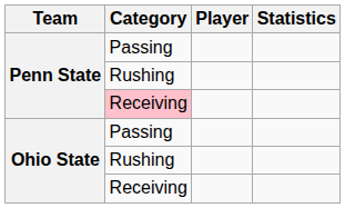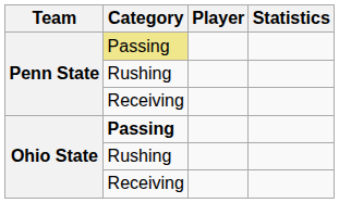 <table class="wikitable" style="float:right">
 <tr>
 <th>Team</th>
 <th>Category</th>
 <th>Player</th>
 <th>Statistics</th>
 </tr>
 <tr>
 <th rowspan=3>Penn State</th>
-<td>Passing</td>
+<td style="background: khaki;">Passing</td>
 <td></td>
 <td></td>
 </tr>
 <tr>
 <td>Rushing</td>
 <td></td>
 <td></td>
 </tr>
 <tr>
-<td style="background: pink;">Receiving</td>
+<td>Receiving</td>
 <td></td>
 <td></td>
 </tr>
 <tr>
 <th rowspan=3>Ohio State</th>
-<td>Passing</td>
+<td><strong>Passing</strong></td>
 <td></td>
 <td></td>
 </tr>
 <tr>
 <td>Rushing</td>
 <td></td>
 <td></td>
 </tr>
 <tr>
 <td>Receiving</td>
 <td></td>
 <td></td>
 </tr>
 </table>
